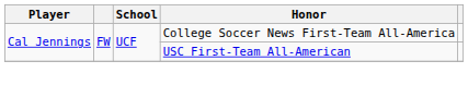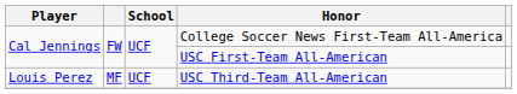 <table class="wikitable">
 <tr>
 <th>Player</th>
 <th></th>
 <th>School</th>
 <th>Honor</th>
 <th></th>
 </tr>
 <tr>
 <td rowspan="2"><a href='#'>Cal Jennings</a></td>
 <td rowspan="2" align="center"><a href='#'>FW</a></td>
 <td rowspan="2"><a href='#'>UCF</a></td>
 <td>College Soccer News First-Team All-America</td>
 <td></td>
 </tr>
 <tr>
 <td><a href='#'>USC First-Team All-American</a></td>
 <td></td>
 </tr>
 <tr>
+<td><a href='#'>Louis Perez</a></td>
+<td align="center"><a href='#'>MF</a></td>
+<td><a href='#'>UCF</a></td>
+<td><a href='#'>USC Third-Team All-American</a></td>
+<td></td>
+</tr>
+<tr>
 </tr>
 </table>
